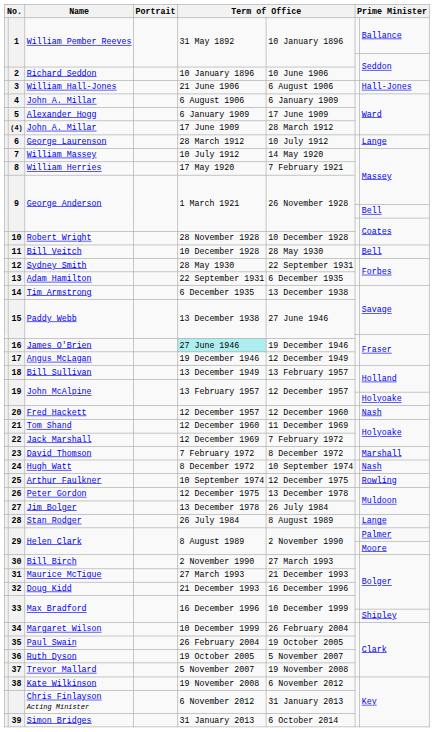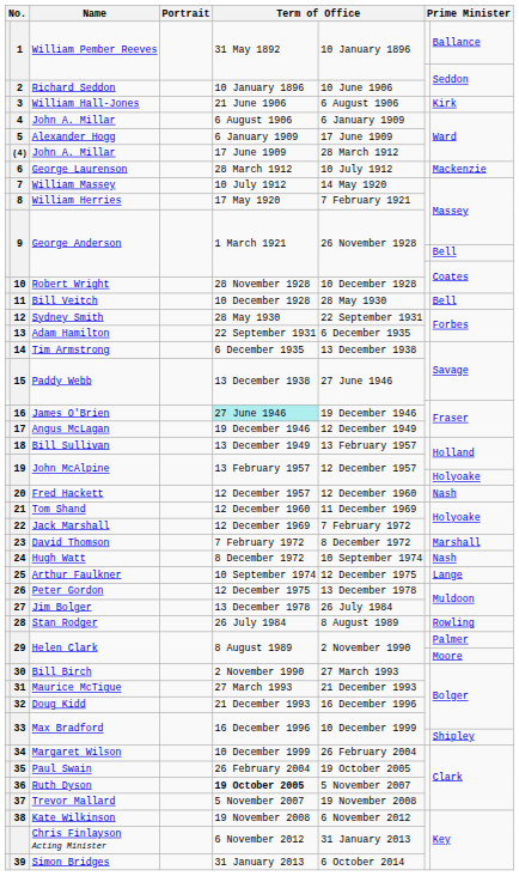 <table class="wikitable">
 <tr>
 <th colspan=2>No.</th>
 <th>Name</th>
 <th>Portrait</th>
 <th colspan=2>Term of Office</th>
 <th colspan=2>Prime Minister</th>
 </tr>
 <tr>
 <th height=50 style="border-bottom:solid 0 grey; background:"></th>
 <th rowspan=2>1</th>
 <td rowspan=2><a href='#'>William Pember Reeves</a></td>
 <td rowspan=2></td>
 <td rowspan=2>31 May 1892</td>
 <td rowspan=2>10 January 1896</td>
 <td width=1 style="color:inherit;background:"></td>
 <td><a href='#'>Ballance</a></td>
 </tr>
 <tr>
 <th height=15 style="border-top:solid 0 grey; background:"></th>
 <td style="border-bottom:solid 0 grey; background:"></td>
 <td rowspan=2><a href='#'>Seddon</a></td>
 </tr>
 <tr>
 <th style="color:inherit;background:"></th>
 <th>2</th>
 <td><a href='#'>Richard Seddon</a></td>
 <td></td>
 <td>10 January 1896</td>
 <td>10 June 1906</td>
 <td style="border-top:solid 0 grey; background:"></td>
 </tr>
 <tr>
 <th style="color:inherit;background:"></th>
 <th>3</th>
 <td><a href='#'>William Hall-Jones</a></td>
 <td></td>
 <td>21 June 1906</td>
 <td>6 August 1906</td>
 <td style="color:inherit;background:"></td>
-<td><a href='#'>Hall-Jones</a></td>
+<td><a href='#'>Kirk</a></td>
 </tr>
 <tr>
 <th style="color:inherit;background:"></th>
 <th>4</th>
 <td><a href='#'>John A. Millar</a></td>
 <td></td>
 <td>6 August 1906</td>
 <td>6 January 1909</td>
 <td rowspan=3 style="color:inherit;background:"></td>
 <td rowspan=3><a href='#'>Ward</a></td>
 </tr>
 <tr>
 <th style="color:inherit;background:"></th>
 <th>5</th>
 <td><a href='#'>Alexander Hogg</a></td>
 <td></td>
 <td>6 January 1909</td>
 <td>17 June 1909</td>
 </tr>
 <tr>
 <th style="color:inherit;background:"></th>
 <th><small>(4)</small></th>
 <td><a href='#'>John A. Millar</a></td>
 <td></td>
 <td>17 June 1909</td>
 <td>28 March 1912</td>
 </tr>
 <tr>
 <th style="color:inherit;background:"></th>
 <th>6</th>
 <td><a href='#'>George Laurenson</a></td>
 <td></td>
 <td>28 March 1912</td>
 <td>10 July 1912</td>
 <td style="color:inherit;background:"></td>
-<td><a href='#'>Lange</a></td>
+<td><a href='#'>Mackenzie</a></td>
 </tr>
 <tr>
 <th style="color:inherit;background:"></th>
 <th>7</th>
 <td><a href='#'>William Massey</a></td>
 <td></td>
 <td>10 July 1912</td>
 <td>14 May 1920</td>
 <td rowspan=2 style="border-bottom:solid 0 grey; background:"></td>
 <td rowspan=3><a href='#'>Massey</a></td>
 </tr>
 <tr>
 <th style="color:inherit;background:"></th>
 <th>8</th>
 <td><a href='#'>William Herries</a></td>
 <td></td>
 <td>17 May 1920</td>
 <td>7 February 1921</td>
 </tr>
 <tr>
 <th rowspan=3 style="color:inherit;background:"></th>
 <th rowspan=3>9</th>
 <td rowspan=3><a href='#'>George Anderson</a></td>
 <td rowspan=3></td>
 <td rowspan=3>1 March 1921</td>
 <td rowspan=3>26 November 1928</td>
 <td height=40 style="border-top:solid 0 grey; background:"></td>
 </tr>
 <tr>
 <td height=15 style="color:inherit;background:"></td>
 <td><a href='#'>Bell</a></td>
 </tr>
 <tr>
 <td height=15 style="border-bottom:solid 0 grey; background:"></td>
 <td rowspan=2><a href='#'>Coates</a></td>
 </tr>
 <tr>
 <th style="color:inherit;background:"></th>
 <th>10</th>
 <td><a href='#'>Robert Wright</a></td>
 <td></td>
 <td>28 November 1928</td>
 <td>10 December 1928</td>
 <td style="border-top:solid 0 grey; background:"></td>
 </tr>
 <tr>
 <th style="color:inherit;background:"></th>
 <th>11</th>
 <td><a href='#'>Bill Veitch</a></td>
 <td></td>
 <td>10 December 1928</td>
 <td>28 May 1930</td>
 <td style="color:inherit;background:"></td>
 <td><a href='#'>Bell</a></td>
 </tr>
 <tr>
 <th style="color:inherit;background:"></th>
 <th>12</th>
 <td><a href='#'>Sydney Smith</a></td>
 <td></td>
 <td>28 May 1930</td>
 <td>22 September 1931</td>
 <td rowspan=2 style="color:inherit;background:"></td>
 <td rowspan=2><a href='#'>Forbes</a></td>
 </tr>
 <tr>
 <th style="color:inherit;background:"></th>
 <th>13</th>
 <td><a href='#'>Adam Hamilton</a></td>
 <td></td>
 <td>22 September 1931</td>
 <td>6 December 1935</td>
 </tr>
 <tr>
 <th style="border-bottom:solid 0 grey; background:"></th>
 <th>14</th>
 <td><a href='#'>Tim Armstrong</a></td>
 <td></td>
 <td>6 December 1935</td>
 <td>13 December 1938</td>
 <td rowspan=2 style="color:inherit;background:"></td>
 <td rowspan=2><a href='#'>Savage</a></td>
 </tr>
 <tr>
 <th height=50 style="border-bottom:solid 0 grey; background:"></th>
 <th rowspan=2>15</th>
 <td rowspan=2><a href='#'>Paddy Webb</a></td>
 <td rowspan=2></td>
 <td rowspan=2>13 December 1938</td>
 <td rowspan=2>27 June 1946</td>
 </tr>
 <tr>
 <td style="border-top:solid 0 grey; background:"></td>
 <td rowspan=3 style="color:inherit;background:"></td>
 <td rowspan=3><a href='#'>Fraser</a></td>
 </tr>
 <tr>
 <th style="color:inherit;background:"></th>
 <th>16</th>
 <td><a href='#'>James O'Brien</a></td>
 <td></td>
 <td style="background: paleturquoise;">27 June 1946</td>
 <td>19 December 1946</td>
 </tr>
 <tr>
 <th style="color:inherit;background:"></th>
 <th>17</th>
 <td><a href='#'>Angus McLagan</a></td>
 <td></td>
 <td>19 December 1946</td>
 <td>12 December 1949</td>
 </tr>
 <tr>
 <th style="color:inherit;background:"></th>
 <th>18</th>
 <td><a href='#'>Bill Sullivan</a></td>
 <td></td>
 <td>13 December 1949</td>
 <td>13 February 1957</td>
 <td rowspan="2" style="color:inherit;background:"></td>
 <td rowspan="2"><a href='#'>Holland</a></td>
 </tr>
 <tr>
 <th height=15 style="border-bottom:solid 0 grey; background:"></th>
 <th rowspan="2">19</th>
 <td rowspan="2"><a href='#'>John McAlpine</a></td>
 <td rowspan="2"></td>
 <td rowspan="2">13 February 1957</td>
 <td rowspan="2">12 December 1957</td>
 </tr>
 <tr>
 <th height=15 style="border-top:solid 0 grey; background:"></th>
 <td style="color:inherit;background:"></td>
 <td><a href='#'>Holyoake</a></td>
 </tr>
 <tr>
 <th style="color:inherit;background:"></th>
 <th>20</th>
 <td><a href='#'>Fred Hackett</a></td>
 <td></td>
 <td>12 December 1957</td>
 <td>12 December 1960</td>
 <td style="color:inherit;background:"></td>
 <td><a href='#'>Nash</a></td>
 </tr>
 <tr>
 <th style="color:inherit;background:"></th>
 <th>21</th>
 <td><a href='#'>Tom Shand</a></td>
 <td></td>
 <td>12 December 1960</td>
 <td>11 December 1969</td>
 <td rowspan=2 style="color:inherit;background:"></td>
 <td rowspan=2><a href='#'>Holyoake</a></td>
 </tr>
 <tr>
 <th style="color:inherit;background:"></th>
 <th>22</th>
 <td><a href='#'>Jack Marshall</a></td>
 <td></td>
 <td>12 December 1969</td>
 <td>7 February 1972</td>
 </tr>
 <tr>
 <th style="color:inherit;background:"></th>
 <th>23</th>
 <td><a href='#'>David Thomson</a></td>
 <td></td>
 <td>7 February 1972</td>
 <td>8 December 1972</td>
 <td style="color:inherit;background:"></td>
 <td><a href='#'>Marshall</a></td>
 </tr>
 <tr>
 <th style="color:inherit;background:"></th>
 <th>24</th>
 <td><a href='#'>Hugh Watt</a></td>
 <td></td>
 <td>8 December 1972</td>
 <td>10 September 1974</td>
 <td style="color:inherit;background:"></td>
 <td><a href='#'>Nash</a></td>
 </tr>
 <tr>
 <th style="color:inherit;background:"></th>
 <th>25</th>
 <td><a href='#'>Arthur Faulkner</a></td>
 <td></td>
 <td>10 September 1974</td>
 <td>12 December 1975</td>
 <td style="color:inherit;background:"></td>
-<td><a href='#'>Rowling</a></td>
+<td><a href='#'>Lange</a></td>
 </tr>
 <tr>
 <th style="color:inherit;background:"></th>
 <th>26</th>
 <td><a href='#'>Peter Gordon</a></td>
 <td></td>
 <td>12 December 1975</td>
 <td>13 December 1978</td>
 <td rowspan=2 style="color:inherit;background:"></td>
 <td rowspan=2><a href='#'>Muldoon</a></td>
 </tr>
 <tr>
 <th style="color:inherit;background:"></th>
 <th>27</th>
 <td><a href='#'>Jim Bolger</a></td>
 <td></td>
 <td>13 December 1978</td>
 <td>26 July 1984</td>
 </tr>
 <tr>
 <th style="color:inherit;background:"></th>
 <th>28</th>
 <td><a href='#'>Stan Rodger</a></td>
 <td></td>
 <td>26 July 1984</td>
 <td>8 August 1989</td>
 <td style="color:inherit;background:"></td>
-<td><a href='#'>Lange</a></td>
+<td><a href='#'>Rowling</a></td>
 </tr>
 <tr>
 <th rowspan=2 style="color:inherit;background:"></th>
 <th rowspan=2>29</th>
 <td rowspan=2><a href='#'>Helen Clark</a></td>
 <td rowspan=2></td>
 <td rowspan=2>8 August 1989</td>
 <td rowspan=2>2 November 1990</td>
 <td style="color:inherit;background:"></td>
 <td><a href='#'>Palmer</a></td>
 </tr>
 <tr>
 <td style="color:inherit;background:"></td>
 <td><a href='#'>Moore</a></td>
 </tr>
 <tr>
 <th style="color:inherit;background:"></th>
 <th>30</th>
 <td><a href='#'>Bill Birch</a></td>
 <td></td>
 <td>2 November 1990</td>
 <td>27 March 1993</td>
 <td rowspan=4 style="color:inherit;background:"></td>
 <td rowspan=4><a href='#'>Bolger</a></td>
 </tr>
 <tr>
 <th style="color:inherit;background:"></th>
 <th>31</th>
 <td><a href='#'>Maurice McTigue</a></td>
 <td></td>
 <td>27 March 1993</td>
 <td>21 December 1993</td>
 </tr>
 <tr>
 <th style="color:inherit;background:"></th>
 <th>32</th>
 <td><a href='#'>Doug Kidd</a></td>
 <td></td>
 <td>21 December 1993</td>
 <td>16 December 1996</td>
 </tr>
 <tr>
 <th height=15 style="border-bottom:solid 0 grey; background:"></th>
 <th rowspan=2>33</th>
 <td rowspan=2><a href='#'>Max Bradford</a></td>
 <td rowspan=2></td>
 <td rowspan=2>16 December 1996</td>
 <td rowspan=2>10 December 1999</td>
 </tr>
 <tr>
 <th height=15 style="border-top:solid 0 grey; background:"></th>
 <td style="color:inherit;background:"></td>
 <td><a href='#'>Shipley</a></td>
 </tr>
 <tr>
 <th style="color:inherit;background:"></th>
 <th>34</th>
 <td><a href='#'>Margaret Wilson</a></td>
 <td></td>
 <td>10 December 1999</td>
 <td>26 February 2004</td>
 <td rowspan=4 style="color:inherit;background:"></td>
 <td rowspan=4><a href='#'>Clark</a></td>
 </tr>
 <tr>
 <th style="color:inherit;background:"></th>
 <th>35</th>
 <td><a href='#'>Paul Swain</a></td>
 <td></td>
 <td>26 February 2004</td>
 <td>19 October 2005</td>
 </tr>
 <tr>
 <th style="color:inherit;background:"></th>
 <th>36</th>
 <td><a href='#'>Ruth Dyson</a></td>
 <td></td>
-<td>19 October 2005</td>
+<td><strong>19 October 2005</strong></td>
 <td>5 November 2007</td>
 </tr>
 <tr>
 <th style="color:inherit;background:"></th>
 <th>37</th>
 <td><a href='#'>Trevor Mallard</a></td>
 <td></td>
 <td>5 November 2007</td>
 <td>19 November 2008</td>
 </tr>
 <tr>
 <th style="color:inherit;background:"></th>
 <th>38</th>
 <td><a href='#'>Kate Wilkinson</a></td>
 <td></td>
 <td>19 November 2008</td>
 <td>6 November 2012</td>
 <td rowspan=3 style="color:inherit;background:"></td>
 <td rowspan=3><a href='#'>Key</a></td>
 </tr>
 <tr>
 <th style="color:inherit;background:"></th>
 <th></th>
 <td><a href='#'>Chris Finlayson</a><br><small><em>Acting Minister</em></small></td>
 <td></td>
 <td>6 November 2012</td>
 <td>31 January 2013</td>
 </tr>
 <tr>
 <th style="color:inherit;background:"></th>
 <th>39</th>
 <td><a href='#'>Simon Bridges</a></td>
 <td></td>
 <td>31 January 2013</td>
 <td>6 October 2014</td>
 </tr>
 </table>
